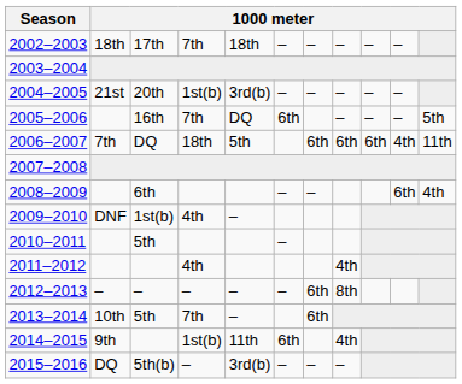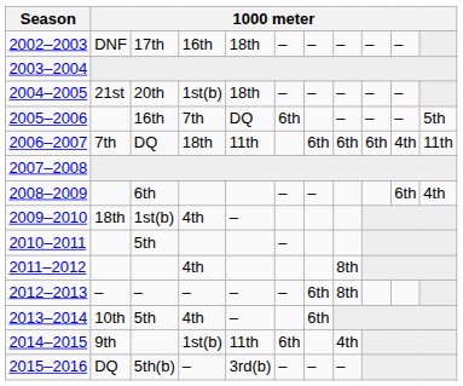 <table class="wikitable" style="display: inline-table;">
 <tr>
 <th>Season</th>
 <th colspan="10">1000 meter</th>
 </tr>
 <tr>
 <td><a href='#'>2002–2003</a></td>
-<td>18th</td>
+<td>DNF</td>
 <td>17th</td>
-<td>7th</td>
+<td>16th</td>
 <td>18th</td>
 <td>–</td>
 <td>–</td>
 <td>–</td>
 <td>–</td>
 <td>–</td>
 <td colspan="1" bgcolor=#EEEEEE></td>
 </tr>
 <tr>
 <td><a href='#'>2003–2004</a></td>
 <td colspan="10" bgcolor=#EEEEEE></td>
 </tr>
 <tr>
 <td><a href='#'>2004–2005</a></td>
 <td>21st</td>
 <td>20th</td>
 <td>1st(b)</td>
-<td>3rd(b)</td>
+<td>18th</td>
 <td>–</td>
 <td>–</td>
 <td>–</td>
 <td>–</td>
 <td>–</td>
 <td colspan="1" bgcolor=#EEEEEE></td>
 </tr>
 <tr>
 <td><a href='#'>2005–2006</a></td>
 <td></td>
 <td>16th</td>
 <td>7th</td>
 <td>DQ</td>
 <td>6th</td>
 <td></td>
 <td>–</td>
 <td>–</td>
 <td>–</td>
 <td>5th</td>
 </tr>
 <tr>
 <td><a href='#'>2006–2007</a></td>
 <td>7th</td>
 <td>DQ</td>
 <td>18th</td>
-<td>5th</td>
+<td>11th</td>
 <td></td>
 <td>6th</td>
 <td>6th</td>
 <td>6th</td>
 <td>4th</td>
 <td>11th</td>
 </tr>
 <tr>
 <td><a href='#'>2007–2008</a></td>
 <td colspan="10" bgcolor=#EEEEEE></td>
 </tr>
 <tr>
 <td><a href='#'>2008–2009</a></td>
 <td></td>
 <td>6th</td>
 <td></td>
 <td></td>
 <td>–</td>
 <td>–</td>
 <td></td>
 <td></td>
 <td>6th</td>
 <td>4th</td>
 </tr>
 <tr>
 <td><a href='#'>2009–2010</a></td>
-<td>DNF</td>
+<td>18th</td>
 <td>1st(b)</td>
 <td>4th</td>
 <td>–</td>
 <td></td>
 <td></td>
 <td></td>
 <td colspan="3" bgcolor=#EEEEEE></td>
 </tr>
 <tr>
 <td><a href='#'>2010–2011</a></td>
 <td></td>
 <td>5th</td>
 <td></td>
 <td></td>
 <td>–</td>
 <td></td>
 <td></td>
 <td colspan="3" bgcolor=#EEEEEE></td>
 </tr>
 <tr>
 <td><a href='#'>2011–2012</a></td>
 <td></td>
 <td></td>
 <td>4th</td>
 <td></td>
 <td></td>
 <td></td>
-<td>4th</td>
+<td>8th</td>
 <td colspan="3" bgcolor=#EEEEEE></td>
 </tr>
 <tr>
 <td><a href='#'>2012–2013</a></td>
 <td>–</td>
 <td>–</td>
 <td>–</td>
 <td>–</td>
 <td>–</td>
 <td>6th</td>
 <td>8th</td>
 <td></td>
 <td></td>
 <td colspan="1" bgcolor=#EEEEEE></td>
 </tr>
 <tr>
 <td><a href='#'>2013–2014</a></td>
 <td>10th</td>
 <td>5th</td>
-<td>7th</td>
+<td>4th</td>
 <td>–</td>
 <td></td>
 <td>6th</td>
 <td colspan="4" bgcolor=#EEEEEE></td>
 </tr>
 <tr>
 <td><a href='#'>2014–2015</a></td>
 <td>9th</td>
 <td></td>
 <td>1st(b)</td>
 <td>11th</td>
 <td>6th</td>
 <td></td>
 <td>4th</td>
 <td colspan="3" bgcolor=#EEEEEE></td>
 </tr>
 <tr>
 <td><a href='#'>2015–2016</a></td>
 <td>DQ</td>
 <td>5th(b)</td>
 <td>–</td>
 <td>3rd(b)</td>
 <td>–</td>
 <td>–</td>
 <td>–</td>
 <td colspan="3" bgcolor=#EEEEEE></td>
 </tr>
 </table>
